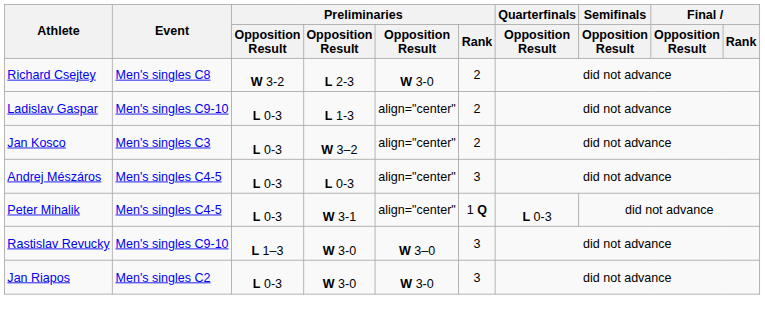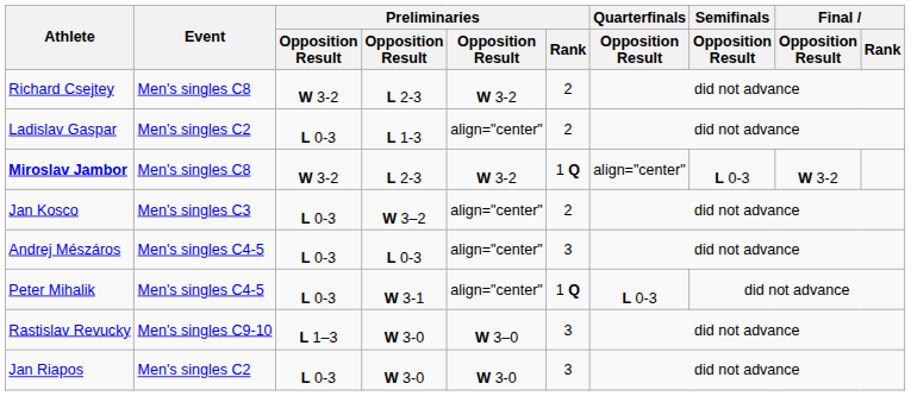 <table class=wikitable style="font-size:90%">
 <tr>
 <th rowspan="2">Athlete</th>
 <th rowspan="2">Event</th>
 <th colspan="4">Preliminaries</th>
 <th>Quarterfinals</th>
 <th>Semifinals</th>
 <th colspan="2">Final / </th>
 </tr>
 <tr>
 <th>Opposition<br>Result</th>
 <th>Opposition<br>Result</th>
 <th>Opposition<br>Result</th>
 <th>Rank</th>
 <th>Opposition<br>Result</th>
 <th>Opposition<br>Result</th>
 <th>Opposition<br>Result</th>
 <th>Rank</th>
 </tr>
 <tr>
 <td><a href='#'>Richard Csejtey</a></td>
 <td><a href='#'>Men's singles C8</a></td>
 <td align="center"><br><strong>W</strong> 3-2</td>
 <td align="center"><br><strong>L</strong> 2-3</td>
-<td align="center"><br><strong>W</strong> 3-0</td>
+<td align="center"><br><strong>W</strong> 3-2</td>
 <td align="center">2</td>
 <td align="center" colspan="4">did not advance</td>
 </tr>
 <tr>
 <td><a href='#'>Ladislav Gaspar</a></td>
-<td><a href='#'>Men's singles C9-10</a></td>
+<td><a href='#'>Men's singles C2</a></td>
 <td align="center"><br><strong>L</strong> 0-3</td>
 <td align="center"><br><strong>L</strong> 1-3</td>
 <td>align="center" </td>
 <td align="center">2</td>
 <td align="center" colspan="4">did not advance</td>
+</tr>
+<tr>
+<td><strong><a href='#'>Miroslav Jambor</a></strong></td>
+<td><a href='#'>Men's singles C8</a></td>
+<td align="center"><br><strong>W</strong> 3-2</td>
+<td align="center"><br><strong>L</strong> 2-3</td>
+<td align="center"><br><strong>W</strong> 3-2</td>
+<td align="center">1 <strong>Q</strong></td>
+<td>align="center" </td>
+<td align="center"><br><strong>L</strong> 0-3</td>
+<td align="center"><br><strong>W</strong> 3-2</td>
+<td align="center"></td>
 </tr>
 <tr>
 <td><a href='#'>Jan Kosco</a></td>
 <td><a href='#'>Men's singles C3</a></td>
 <td align="center"><br><strong>L</strong> 0-3</td>
 <td align="center"><br><strong>W</strong> 3–2</td>
 <td>align="center" </td>
 <td align="center">2</td>
 <td align="center" colspan="4">did not advance</td>
 </tr>
 <tr>
 <td><a href='#'>Andrej Mészáros</a></td>
 <td><a href='#'>Men's singles C4-5</a></td>
 <td align="center"><br><strong>L</strong> 0-3</td>
 <td align="center"><br><strong>L</strong> 0-3</td>
 <td>align="center" </td>
 <td align="center">3</td>
 <td align="center" colspan="4">did not advance</td>
 </tr>
 <tr>
 <td><a href='#'>Peter Mihalik</a></td>
 <td><a href='#'>Men's singles C4-5</a></td>
 <td align="center"><br><strong>L</strong> 0-3</td>
 <td align="center"><br><strong>W</strong> 3-1</td>
 <td>align="center" </td>
 <td align="center">1 <strong>Q</strong></td>
 <td align="center"><br><strong>L</strong> 0-3</td>
 <td align="center" colspan="3">did not advance</td>
 </tr>
 <tr>
 <td><a href='#'>Rastislav Revucky</a></td>
 <td><a href='#'>Men's singles C9-10</a></td>
 <td align="center"><br><strong>L</strong> 1–3</td>
 <td align="center"><br><strong>W</strong> 3-0</td>
 <td align="center"><br><strong>W</strong> 3–0</td>
 <td align="center">3</td>
 <td align="center" colspan="4">did not advance</td>
 </tr>
 <tr>
 <td><a href='#'>Jan Riapos</a></td>
 <td><a href='#'>Men's singles C2</a></td>
 <td align="center"><br><strong>L</strong> 0-3</td>
 <td align="center"><br><strong>W</strong> 3-0</td>
 <td align="center"><br><strong>W</strong> 3-0</td>
 <td align="center">3</td>
 <td align="center" colspan="4">did not advance</td>
 </tr>
 </table>
